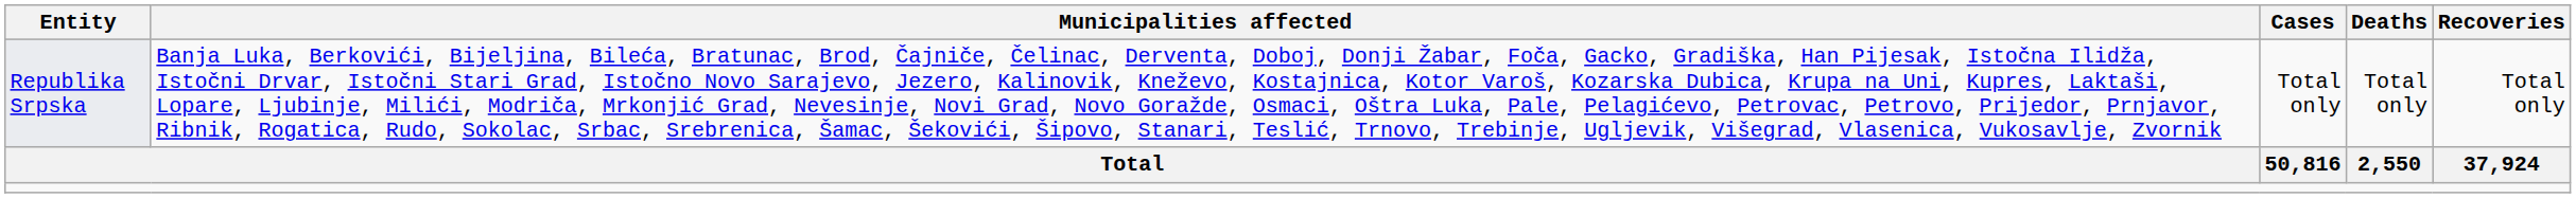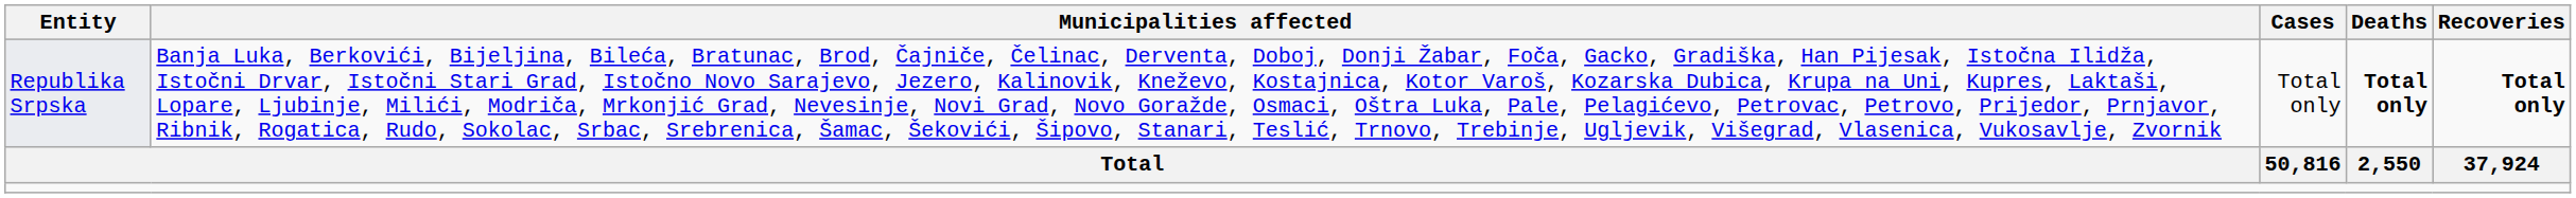 <table class="sortable wikitable" style="text-align:center;">
 <tr>
 <th scope="col">Entity</th>
 <th scope="col">Municipalities affected</th>
 <th scope="col">Cases</th>
 <th scope="col">Deaths</th>
 <th scope="col">Recoveries</th>
 </tr>
 <tr>
 <td align="left" style="background:#EAECF0"><a href='#'>Republika Srpska</a></td>
 <td align="left"><a href='#'>Banja Luka</a>, <a href='#'>Berkovići</a>, <a href='#'>Bijeljina</a>, <a href='#'>Bileća</a>, <a href='#'>Bratunac</a>, <a href='#'>Brod</a>, <a href='#'>Čajniče</a>, <a href='#'>Čelinac</a>, <a href='#'>Derventa</a>, <a href='#'>Doboj</a>, <a href='#'>Donji Žabar</a>, <a href='#'>Foča</a>, <a href='#'>Gacko</a>, <a href='#'>Gradiška</a>, <a href='#'>Han Pijesak</a>, <a href='#'>Istočna Ilidža</a>, <a href='#'>Istočni Drvar</a>, <a href='#'>Istočni Stari Grad</a>, <a href='#'>Istočno Novo Sarajevo</a>, <a href='#'>Jezero</a>, <a href='#'>Kalinovik</a>, <a href='#'>Kneževo</a>, <a href='#'>Kostajnica</a>, <a href='#'>Kotor Varoš</a>, <a href='#'>Kozarska Dubica</a>, <a href='#'>Krupa na Uni</a>, <a href='#'>Kupres</a>, <a href='#'>Laktaši</a>, <a href='#'>Lopare</a>, <a href='#'>Ljubinje</a>, <a href='#'>Milići</a>, <a href='#'>Modriča</a>, <a href='#'>Mrkonjić Grad</a>, <a href='#'>Nevesinje</a>, <a href='#'>Novi Grad</a>, <a href='#'>Novo Goražde</a>, <a href='#'>Osmaci</a>, <a href='#'>Oštra Luka</a>, <a href='#'>Pale</a>, <a href='#'>Pelagićevo</a>, <a href='#'>Petrovac</a>, <a href='#'>Petrovo</a>, <a href='#'>Prijedor</a>, <a href='#'>Prnjavor</a>, <a href='#'>Ribnik</a>, <a href='#'>Rogatica</a>, <a href='#'>Rudo</a>, <a href='#'>Sokolac</a>, <a href='#'>Srbac</a>, <a href='#'>Srebrenica</a>, <a href='#'>Šamac</a>, <a href='#'>Šekovići</a>, <a href='#'>Šipovo</a>, <a href='#'>Stanari</a>, <a href='#'>Teslić</a>, <a href='#'>Trnovo</a>, <a href='#'>Trebinje</a>, <a href='#'>Ugljevik</a>, <a href='#'>Višegrad</a>, <a href='#'>Vlasenica</a>, <a href='#'>Vukosavlje</a>, <a href='#'>Zvornik</a></td>
 <td align="right">Total<br>only</td>
-<td align="right">Total<br>only</td>
-<td align="right">Total<br>only</td>
+<td align="right"><strong>Total<br>only</strong></td>
+<td align="right"><strong>Total<br>only</strong></td>
 </tr>
 <tr>
 <th colspan="2">Total</th>
 <th align="right">50,816</th>
 <th align="right">2,550</th>
 <th align="right">37,924</th>
 </tr>
 <tr>
 <td colspan="5"></td>
 </tr>
 </table>
